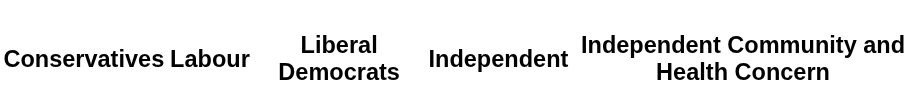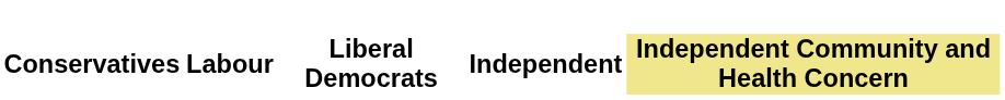 <table style="width:100%; text-align:center;">
 <tr>
 </tr>
 <tr style="color:white;">
 <td style="background:"><strong>21</strong></td>
 <td style="background:"><strong>4</strong></td>
 <td style="background:"><strong>3</strong></td>
 <td style="background:"><strong>3</strong></td>
 <td style="background:"><strong>2</strong></td>
 </tr>
 <tr>
 <td><span><strong>Conservatives</strong></span></td>
 <td><span><strong>Labour</strong></span></td>
 <td><span><strong>Liberal Democrats</strong></span></td>
 <td><span><strong>Independent</strong></span></td>
-<td><span><strong>Independent Community and Health Concern</strong></span></td>
+<td style="background: khaki;"><span><strong>Independent Community and Health Concern</strong></span></td>
 </tr>
 </table>
